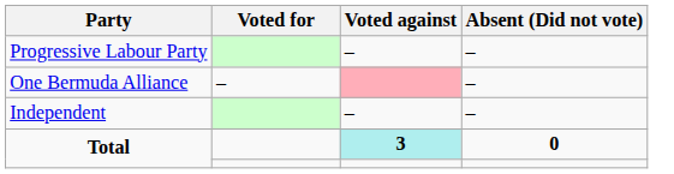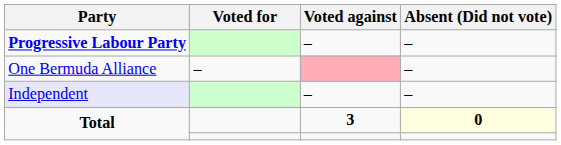 <table class="wikitable">
 <tr>
 <th>Party</th>
 <th style="width:20%;">Voted for</th>
 <th>Voted against</th>
 <th>Absent (Did not vote)</th>
 </tr>
 <tr>
-<td> <a href='#'>Progressive Labour Party</a></td>
+<td><strong> <a href='#'>Progressive Labour Party</a></strong></td>
 <td style="background-color:#CCFFCC;"></td>
 <td>–</td>
 <td>–</td>
 </tr>
 <tr>
 <td> <a href='#'>One Bermuda Alliance</a></td>
 <td>–</td>
 <td style="background-color:#FFAEB9;"></td>
 <td>–</td>
 </tr>
 <tr>
-<td> <a href='#'>Independent</a></td>
+<td style="background: lavender;"> <a href='#'>Independent</a></td>
 <td style="background-color:#CCFFCC;"></td>
 <td>–</td>
 <td>–</td>
 </tr>
 <tr>
 <td style="text-align:center;" rowspan="2"><strong>Total</strong></td>
 <td></td>
-<td style="background: paleturquoise; text-align:center;"><strong>3</strong></td>
-<td style="text-align:center;"><strong>0</strong></td>
+<td style="text-align:center;"><strong>3</strong></td>
+<td style="background: lightyellow; text-align:center;"><strong>0</strong></td>
 </tr>
 <tr>
 <td style="text-align:center;"></td>
 <td style="text-align:center;"></td>
 <td style="text-align:center;"></td>
 </tr>
 </table>
